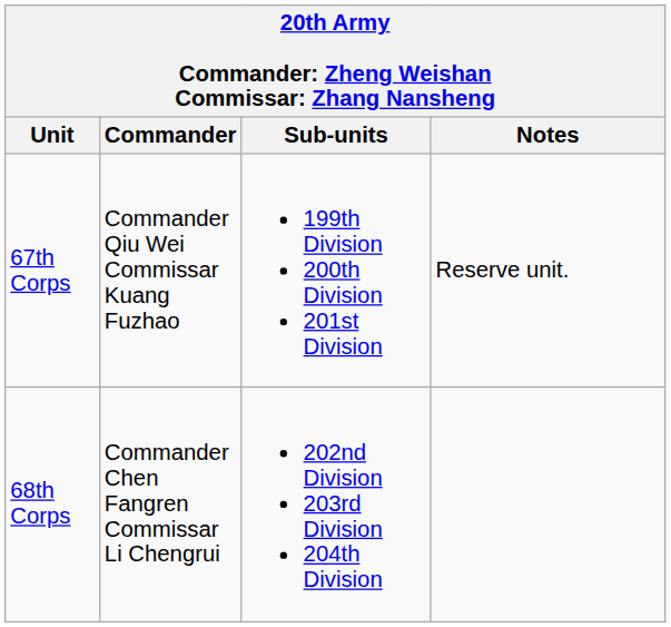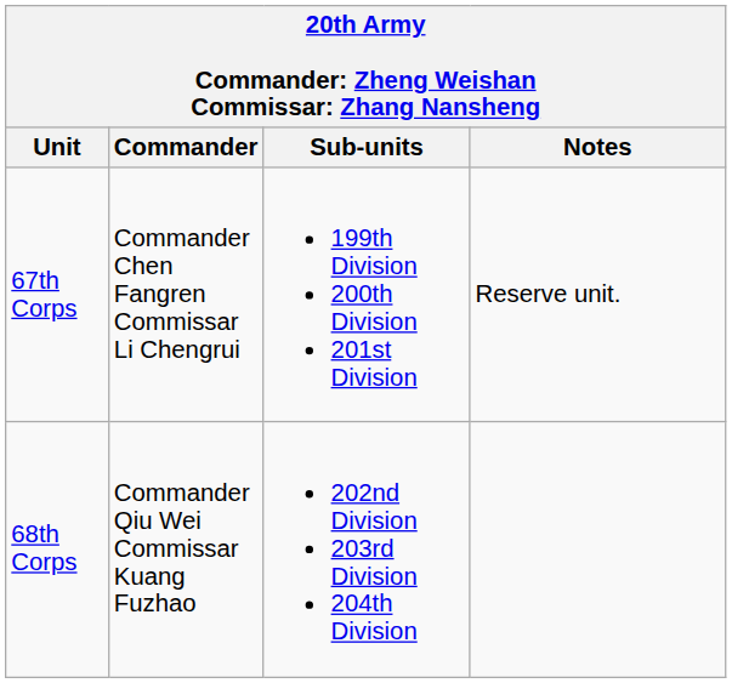 <table class="wikitable" style="width: 75%">
 <tr>
 <th colspan="4" align= center> <a href='#'>20th Army</a><br><br>Commander: <a href='#'>Zheng Weishan</a><br> Commissar: <a href='#'>Zhang Nansheng</a></th>
 </tr>
 <tr>
 <th width=15%; align= center>Unit</th>
 <th width=15%; align= center>Commander</th>
 <th width=30%; align= center>Sub-units</th>
 <th width=40%; align= center>Notes</th>
 </tr>
 <tr>
 <td><a href='#'>67th Corps</a></td>
-<td>Commander Qiu Wei<br>Commissar Kuang Fuzhao</td>
+<td>Commander Chen Fangren<br>Commissar Li Chengrui</td>
 <td><br><ul><li><a href='#'>199th Division</a></li><li><a href='#'>200th Division</a></li><li><a href='#'>201st Division</a></li></ul></td>
 <td>Reserve unit.</td>
 </tr>
 <tr>
 <td><a href='#'>68th Corps</a></td>
-<td>Commander Chen Fangren<br>Commissar Li Chengrui</td>
+<td>Commander Qiu Wei<br>Commissar Kuang Fuzhao</td>
 <td><br><ul><li><a href='#'>202nd Division</a></li><li><a href='#'>203rd Division</a></li><li><a href='#'>204th Division</a></li></ul></td>
 <td></td>
 </tr>
 </table>
